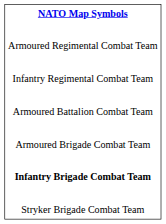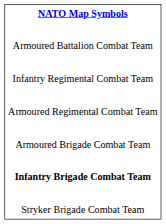 <table class="floatright" style="border:1px solid black; background:white;float: right;text-align: center" cellpadding="3">
 <tr>
 <th><a href='#'>NATO Map Symbols</a></th>
 </tr>
 <tr>
 <td><br></td>
 </tr>
 <tr>
-<td>Armoured Regimental  Combat Team</td>
+<td>Armoured Battalion Combat Team</td>
 </tr>
 <tr>
 <td><br></td>
 </tr>
 <tr>
 <td>Infantry Regimental Combat Team</td>
 </tr>
 <tr>
 <td><br></td>
 </tr>
 <tr>
-<td>Armoured Battalion Combat Team</td>
+<td>Armoured Regimental  Combat Team</td>
 </tr>
 <tr>
 <td><br></td>
 </tr>
 <tr>
 <td>Armoured Brigade Combat Team</td>
 </tr>
 <tr>
 <td><br></td>
 </tr>
 <tr>
 <td><strong>Infantry Brigade Combat Team</strong></td>
 </tr>
 <tr>
 <td><br></td>
 </tr>
 <tr>
 <td>Stryker Brigade Combat Team</td>
 </tr>
 </table>
